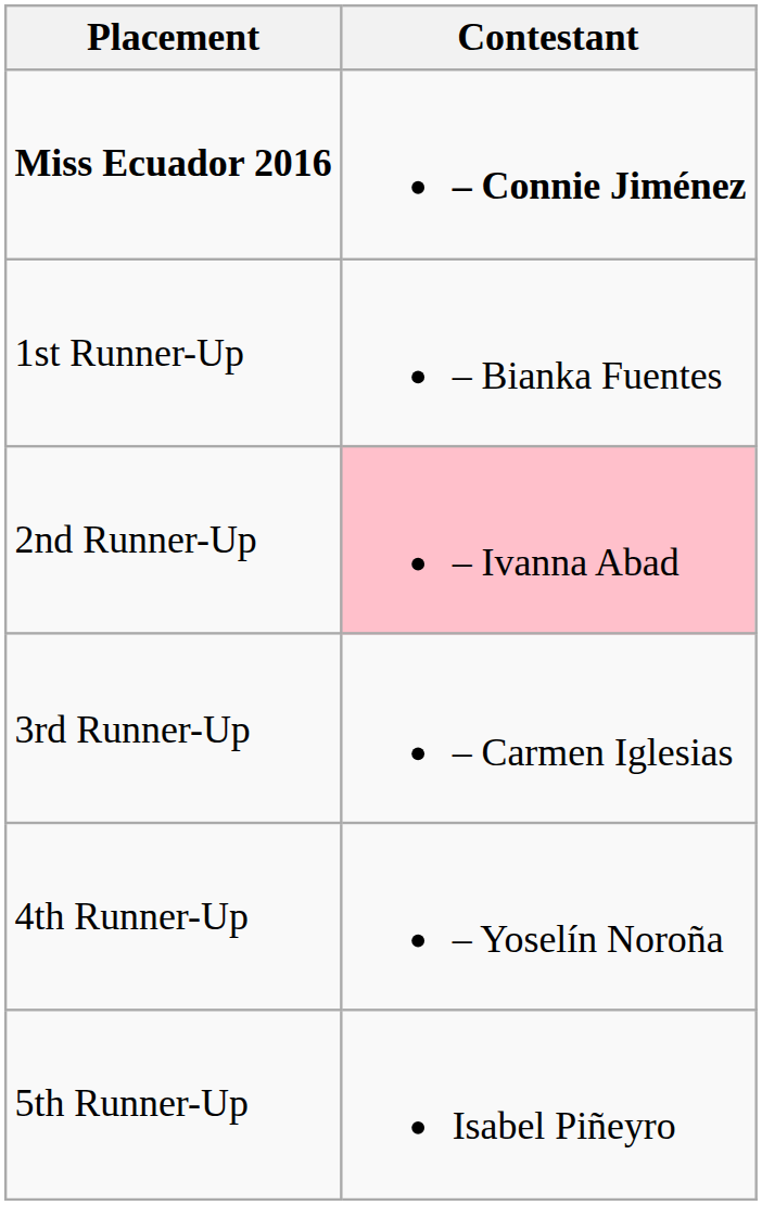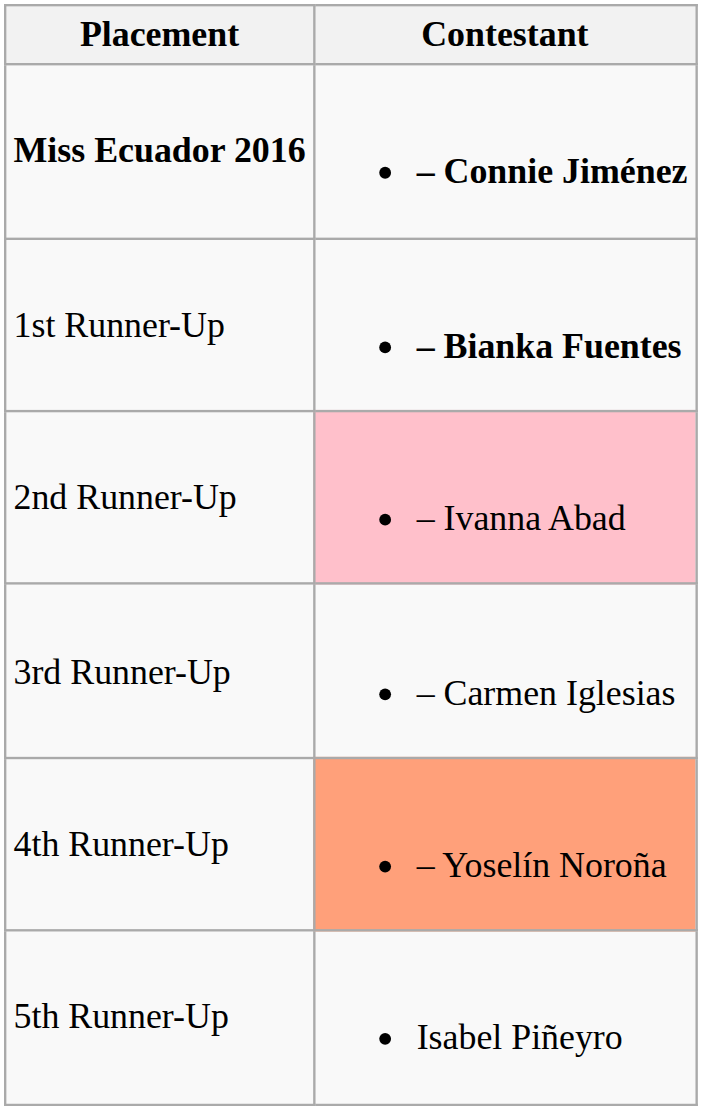 <table class="wikitable sortable" style="font-size: 95%;">
 <tr>
 <th>Placement</th>
 <th>Contestant</th>
 </tr>
 <tr>
 <td><strong>Miss Ecuador 2016</strong><br></td>
 <td><br><ul><li><strong> – Connie Jiménez</strong></li></ul></td>
 </tr>
 <tr>
 <td>1st Runner-Up<br></td>
-<td><br><ul><li> – Bianka Fuentes </li></ul></td>
+<td><strong><br><ul><li> – Bianka Fuentes </li></ul></strong></td>
 </tr>
 <tr>
 <td>2nd Runner-Up<br></td>
 <td style="background: pink;"><br><ul><li> – Ivanna Abad </li></ul></td>
 </tr>
 <tr>
 <td>3rd Runner-Up<br></td>
 <td><br><ul><li> – Carmen Iglesias</li></ul></td>
 </tr>
 <tr>
 <td>4th Runner-Up</td>
-<td><br><ul><li> – Yoselín Noroña</li></ul></td>
+<td style="background: lightsalmon;"><br><ul><li> – Yoselín Noroña</li></ul></td>
 </tr>
 <tr>
 <td>5th Runner-Up</td>
 <td><br><ul><li> Isabel Piñeyro </li></ul></td>
 </tr>
 </table>
